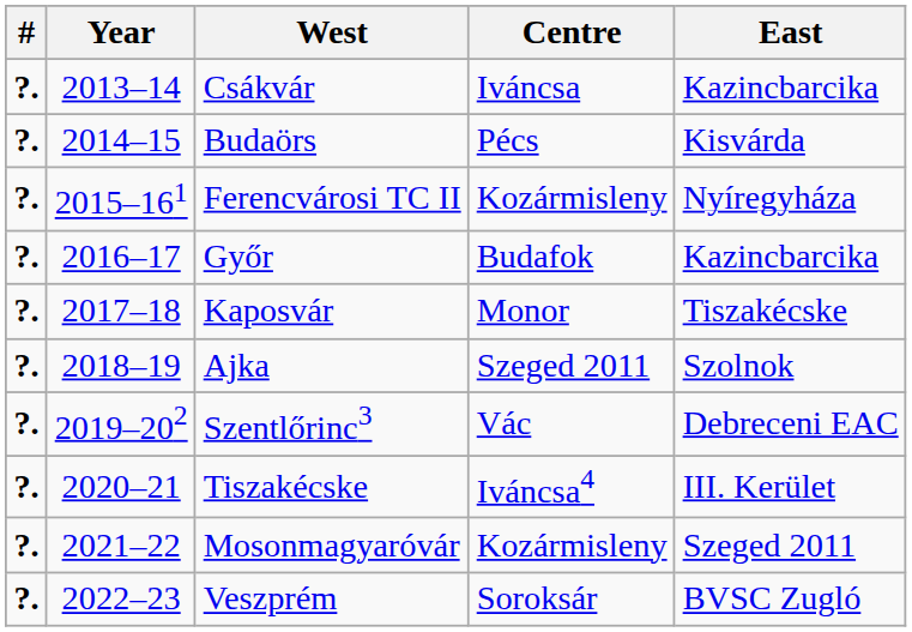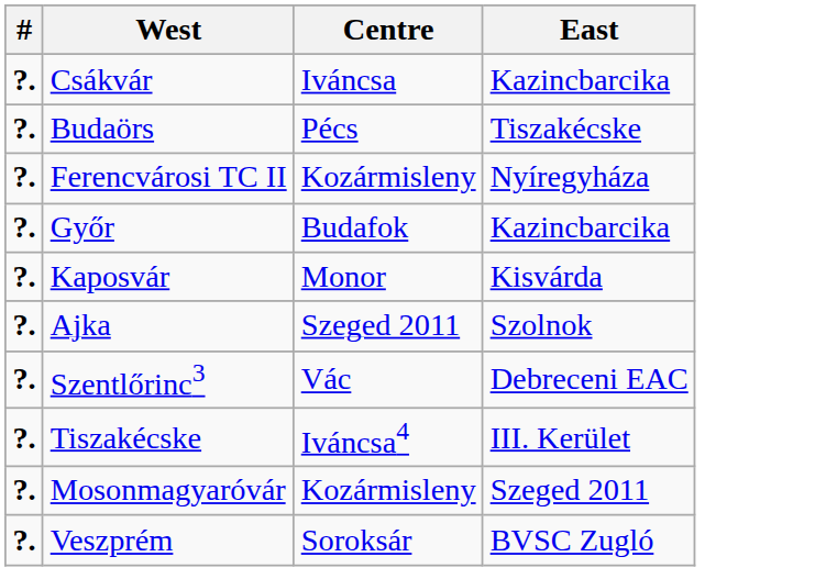 <table class="wikitable sortable">
 <tr>
 <th>#</th>
-<th>Year</th>
 <th>West</th>
 <th>Centre</th>
 <th>East</th>
 </tr>
 <tr>
 <td><strong>?.</strong></td>
-<td align=center><a href='#'>2013–14</a></td>
 <td><a href='#'>Csákvár</a></td>
 <td><a href='#'>Iváncsa</a></td>
 <td><a href='#'>Kazincbarcika</a></td>
 </tr>
 <tr>
 <td><strong>?.</strong></td>
-<td align=center><a href='#'>2014–15</a></td>
 <td><a href='#'>Budaörs</a></td>
 <td><a href='#'>Pécs</a></td>
-<td><a href='#'>Kisvárda</a></td>
+<td><a href='#'>Tiszakécske</a></td>
 </tr>
 <tr>
 <td><strong>?.</strong></td>
-<td align=center><a href='#'>2015–16</a><a href='#'><sup>1</sup></a></td>
 <td><a href='#'>Ferencvárosi TC II</a></td>
 <td><a href='#'>Kozármisleny</a></td>
 <td><a href='#'>Nyíregyháza</a></td>
 </tr>
 <tr>
 <td><strong>?.</strong></td>
-<td align=center><a href='#'>2016–17</a></td>
 <td><a href='#'>Győr</a></td>
 <td><a href='#'>Budafok</a></td>
 <td><a href='#'>Kazincbarcika</a></td>
 </tr>
 <tr>
 <td><strong>?.</strong></td>
-<td align=center><a href='#'>2017–18</a></td>
 <td><a href='#'>Kaposvár</a></td>
 <td><a href='#'>Monor</a></td>
-<td><a href='#'>Tiszakécske</a></td>
+<td><a href='#'>Kisvárda</a></td>
 </tr>
 <tr>
 <td><strong>?.</strong></td>
-<td align=center><a href='#'>2018–19</a></td>
 <td><a href='#'>Ajka</a></td>
 <td><a href='#'>Szeged 2011</a></td>
 <td><a href='#'>Szolnok</a></td>
 </tr>
 <tr>
 <td><strong>?.</strong></td>
-<td align=center><a href='#'>2019–20</a><a href='#'><sup>2</sup></a></td>
 <td><a href='#'>Szentlőrinc</a><a href='#'><sup>3</sup></a></td>
 <td><a href='#'>Vác</a></td>
 <td><a href='#'>Debreceni EAC</a></td>
 </tr>
 <tr>
 <td><strong>?.</strong></td>
-<td align=center><a href='#'>2020–21</a></td>
 <td><a href='#'>Tiszakécske</a></td>
 <td><a href='#'>Iváncsa</a><a href='#'><sup>4</sup></a></td>
 <td><a href='#'>III. Kerület</a></td>
 </tr>
 <tr>
 <td><strong>?.</strong></td>
-<td align=center><a href='#'>2021–22</a></td>
 <td><a href='#'>Mosonmagyaróvár</a></td>
 <td><a href='#'>Kozármisleny</a></td>
 <td><a href='#'>Szeged 2011</a></td>
 </tr>
 <tr>
 <td><strong>?.</strong></td>
-<td align=center><a href='#'>2022–23</a></td>
 <td><a href='#'>Veszprém</a></td>
 <td><a href='#'>Soroksár</a></td>
 <td><a href='#'>BVSC Zugló</a></td>
 </tr>
 </table>
